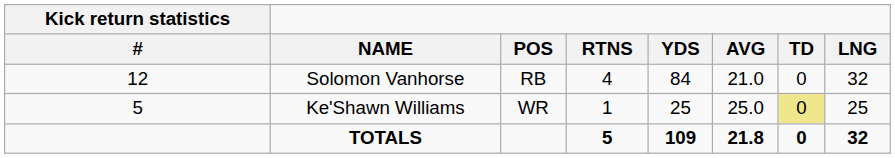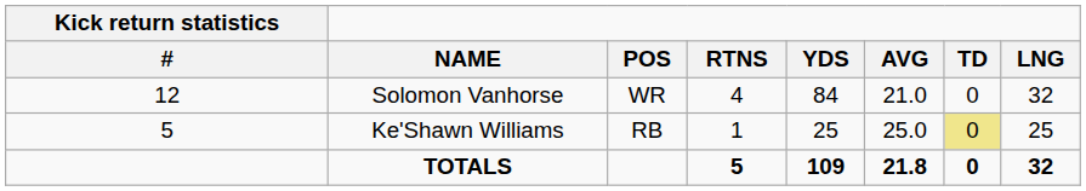 <table style="width:60%; text-align:center;" class="wikitable collapsible collapsed">
 <tr>
 <th style="text-align:center; ">Kick return statistics</th>
 </tr>
 <tr>
 <th>#</th>
 <th>NAME</th>
 <th>POS</th>
 <th>RTNS</th>
 <th>YDS</th>
 <th>AVG</th>
 <th>TD</th>
 <th>LNG</th>
 </tr>
 <tr>
 <td>12</td>
 <td>Solomon Vanhorse</td>
-<td>RB</td>
+<td>WR</td>
 <td>4</td>
 <td>84</td>
 <td>21.0</td>
 <td>0</td>
 <td>32</td>
 </tr>
 <tr>
 <td>5</td>
 <td>Ke'Shawn Williams</td>
-<td>WR</td>
+<td>RB</td>
 <td>1</td>
 <td>25</td>
 <td>25.0</td>
 <td style="background: khaki;">0</td>
 <td>25</td>
 </tr>
 <tr>
 <td></td>
 <td><strong>TOTALS</strong></td>
 <td></td>
 <td><strong>5</strong></td>
 <td><strong>109</strong></td>
 <td><strong>21.8</strong></td>
 <td><strong>0</strong></td>
 <td><strong>32</strong></td>
 </tr>
 </table>
